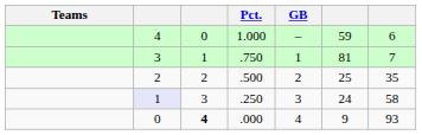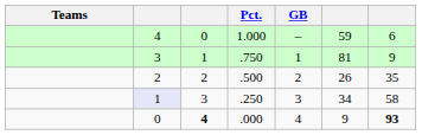 <table class="wikitable" style="text-align:center;">
 <tr>
 <th width=150px>Teams</th>
 <th width=50px></th>
 <th width=50px></th>
 <th width=50px><a href='#'>Pct.</a></th>
 <th width=50px><a href='#'>GB</a></th>
 <th width=50px></th>
 <th width=50px></th>
 </tr>
 <tr style="background-color:#cfc">
 <td align=left></td>
 <td>4</td>
 <td>0</td>
 <td>1.000</td>
 <td>–</td>
 <td>59</td>
 <td>6</td>
 </tr>
 <tr style="background-color:#cfc">
 <td align=left></td>
 <td>3</td>
 <td>1</td>
 <td>.750</td>
 <td>1</td>
 <td>81</td>
-<td>7</td>
+<td>9</td>
 </tr>
 <tr>
 <td align=left></td>
 <td>2</td>
 <td>2</td>
 <td>.500</td>
 <td>2</td>
-<td>25</td>
+<td>26</td>
 <td>35</td>
 </tr>
 <tr>
 <td align=left></td>
 <td style="background: lavender;">1</td>
 <td>3</td>
 <td>.250</td>
 <td>3</td>
-<td>24</td>
+<td>34</td>
 <td>58</td>
 </tr>
 <tr>
 <td align=left></td>
 <td>0</td>
 <td><strong>4</strong></td>
 <td>.000</td>
 <td>4</td>
 <td>9</td>
-<td>93</td>
+<td><strong>93</strong></td>
 </tr>
 </table>
